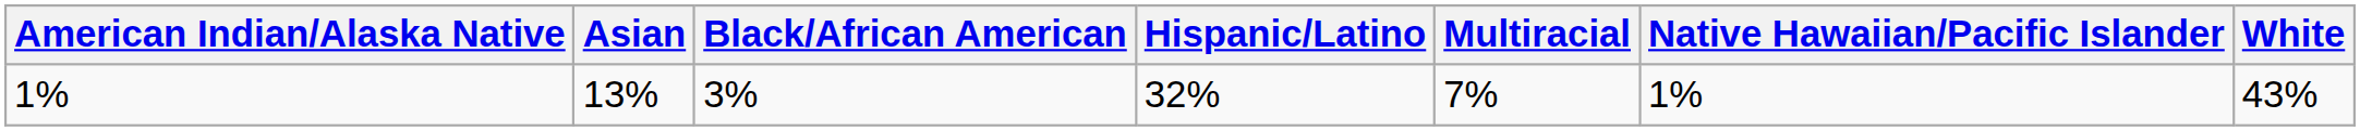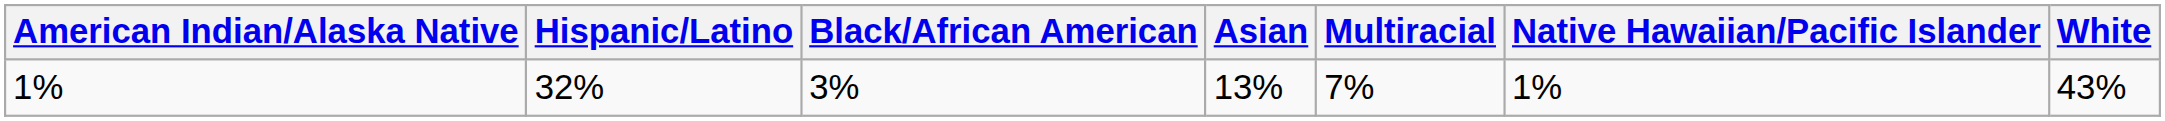 <table class="wikitable">
 <tr>
 <th><a href='#'>American Indian/Alaska Native</a></th>
+<th><a href='#'>Hispanic/Latino</a></th>
+<th><a href='#'>Black/African American</a></th>
 <th><a href='#'>Asian</a></th>
-<th><a href='#'>Black/African American</a></th>
-<th><a href='#'>Hispanic/Latino</a></th>
 <th><a href='#'>Multiracial</a></th>
 <th><a href='#'>Native Hawaiian/Pacific Islander</a></th>
 <th><a href='#'>White</a></th>
 </tr>
 <tr>
 <td>1%</td>
+<td>32%</td>
+<td>3%</td>
 <td>13%</td>
-<td>3%</td>
-<td>32%</td>
 <td>7%</td>
 <td>1%</td>
 <td>43%</td>
 </tr>
 </table>
